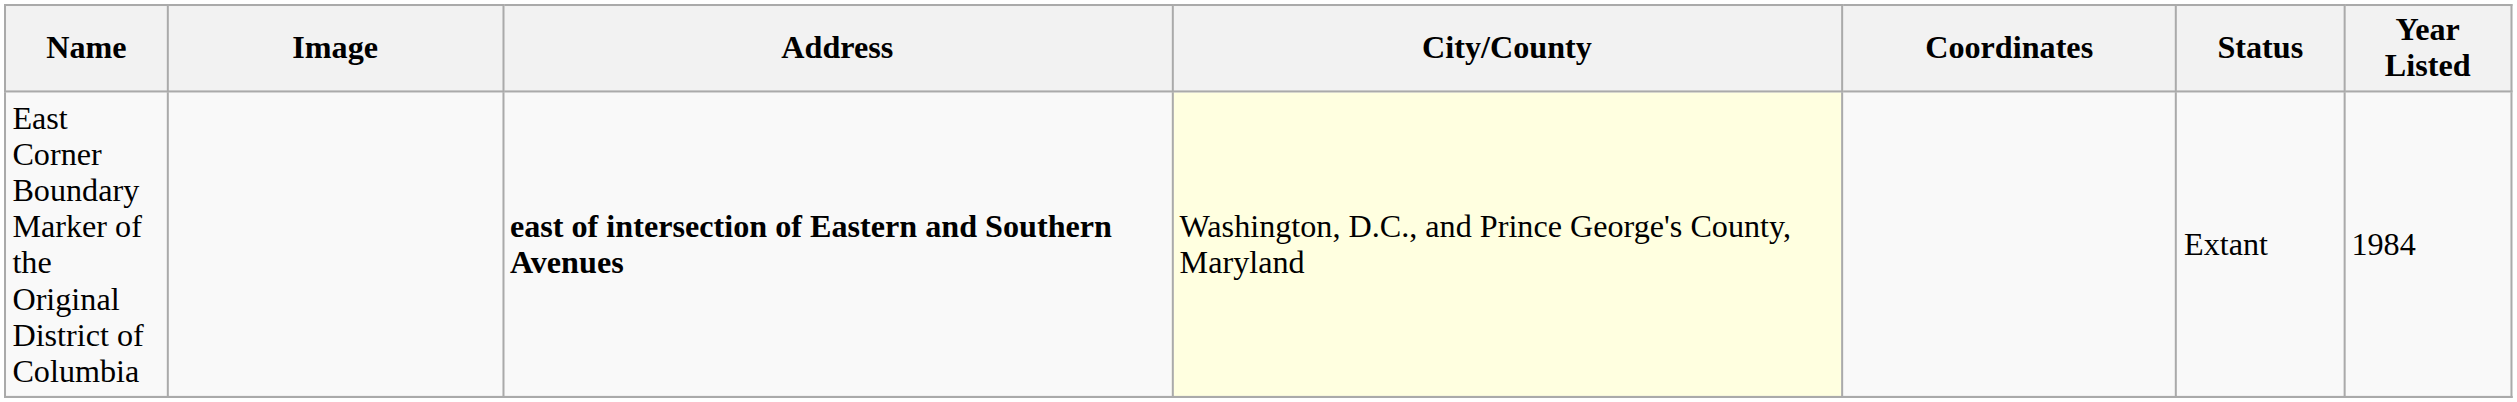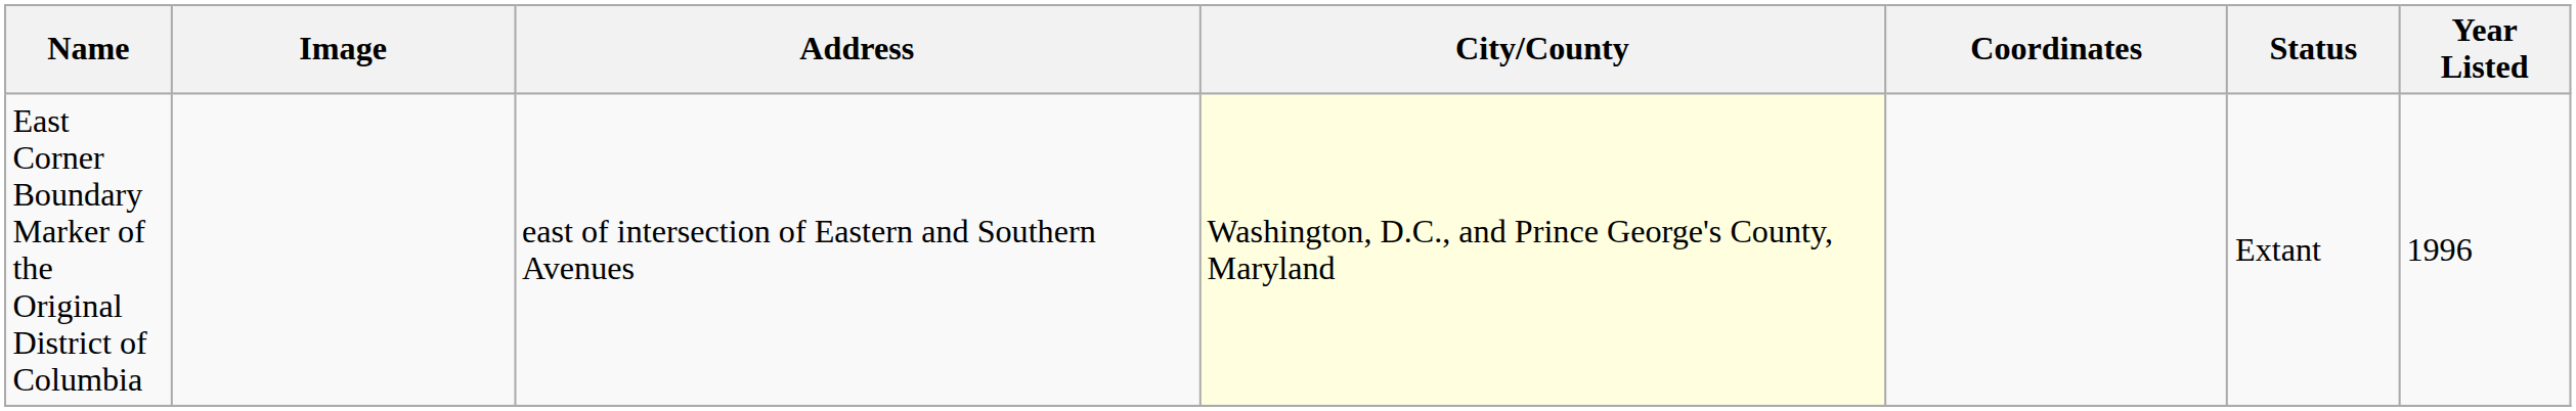 <table class="wikitable" style="width:auto">
 <tr>
 <th style="width:2.5%"><strong>Name</strong></th>
 <th style="width:10%"><strong>Image</strong></th>
 <th style="width:20%"><strong>Address</strong></th>
 <th style="width:20%"><strong>City/County</strong></th>
 <th style="width:10%"><strong>Coordinates</strong></th>
 <th style="width:5%"><strong>Status</strong></th>
 <th style="width:5%"><strong>Year<br>Listed</strong></th>
 </tr>
 <tr>
 <td>East Corner Boundary Marker of the Original District of Columbia</td>
 <td><br></td>
-<td><strong> east of intersection of Eastern and Southern Avenues</strong></td>
+<td> east of intersection of Eastern and Southern Avenues</td>
 <td style="background: lightyellow;">Washington, D.C., and Prince George's County, Maryland</td>
 <td></td>
 <td>Extant</td>
-<td>1984</td>
+<td>1996</td>
 </tr>
 <tr>
 </tr>
 </table>
